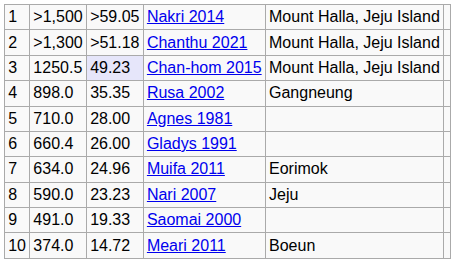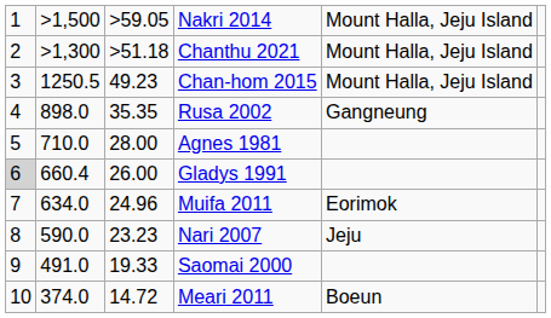 <table class="wikitable">
 <tr>
 <td>1</td>
 <td>>1,500</td>
 <td>>59.05</td>
 <td><a href='#'>Nakri 2014</a></td>
 <td>Mount Halla, Jeju Island</td>
 <td></td>
 </tr>
 <tr>
 <td>2</td>
 <td>>1,300</td>
 <td>>51.18</td>
 <td><a href='#'>Chanthu 2021</a></td>
 <td>Mount Halla, Jeju Island</td>
 <td></td>
 </tr>
 <tr>
 <td>3</td>
 <td>1250.5</td>
-<td style="background: lavender;">49.23</td>
+<td>49.23</td>
 <td><a href='#'>Chan-hom 2015</a></td>
 <td>Mount Halla, Jeju Island</td>
 <td></td>
 </tr>
 <tr>
 <td>4</td>
 <td>898.0</td>
 <td>35.35</td>
 <td><a href='#'>Rusa 2002</a></td>
 <td>Gangneung</td>
 <td></td>
 </tr>
 <tr>
 <td>5</td>
 <td>710.0</td>
 <td>28.00</td>
 <td><a href='#'>Agnes 1981</a></td>
 <td></td>
 <td></td>
 </tr>
 <tr>
-<td>6</td>
+<td style="background: lightgrey;">6</td>
 <td>660.4</td>
 <td>26.00</td>
 <td><a href='#'>Gladys 1991</a></td>
 <td></td>
 <td></td>
 </tr>
 <tr>
 <td>7</td>
 <td>634.0</td>
 <td>24.96</td>
 <td><a href='#'>Muifa 2011</a></td>
 <td>Eorimok</td>
 <td></td>
 </tr>
 <tr>
 <td>8</td>
 <td>590.0</td>
 <td>23.23</td>
 <td><a href='#'>Nari 2007</a></td>
 <td>Jeju</td>
 <td></td>
 </tr>
 <tr>
 <td>9</td>
 <td>491.0</td>
 <td>19.33</td>
 <td><a href='#'>Saomai 2000</a></td>
 <td></td>
 <td></td>
 </tr>
 <tr>
 <td>10</td>
 <td>374.0</td>
 <td>14.72</td>
 <td><a href='#'>Meari 2011</a></td>
 <td>Boeun</td>
 <td></td>
 </tr>
 </table>
